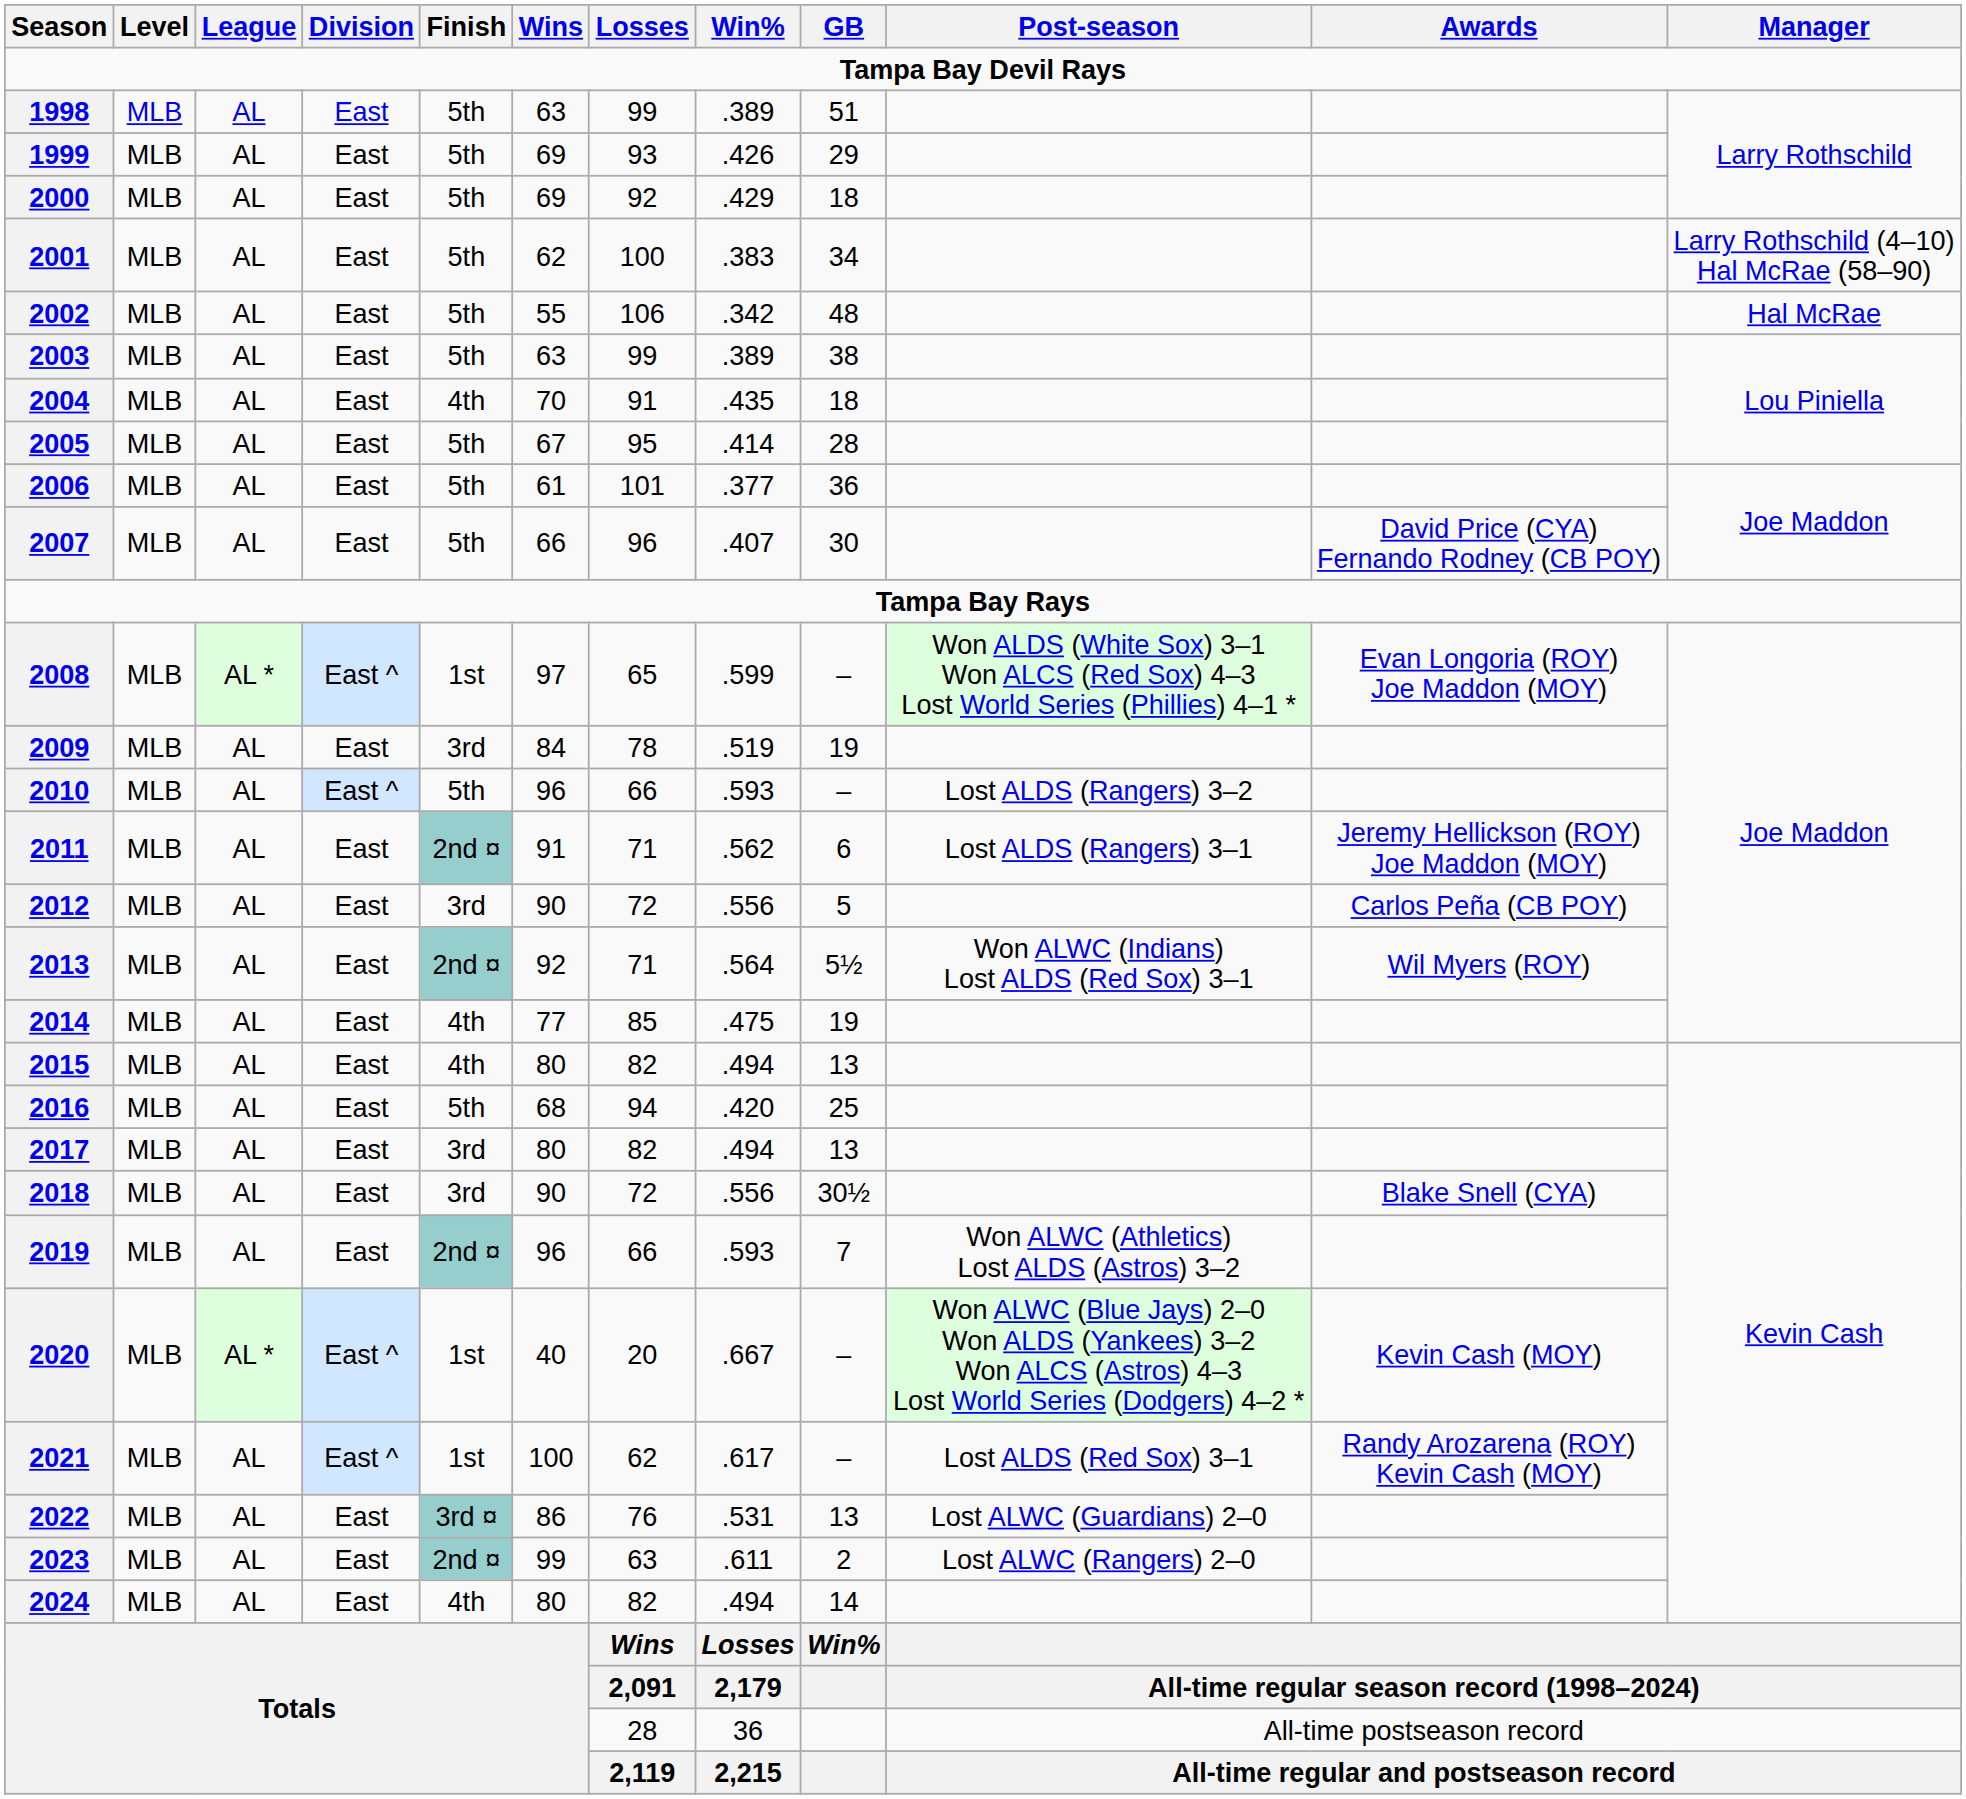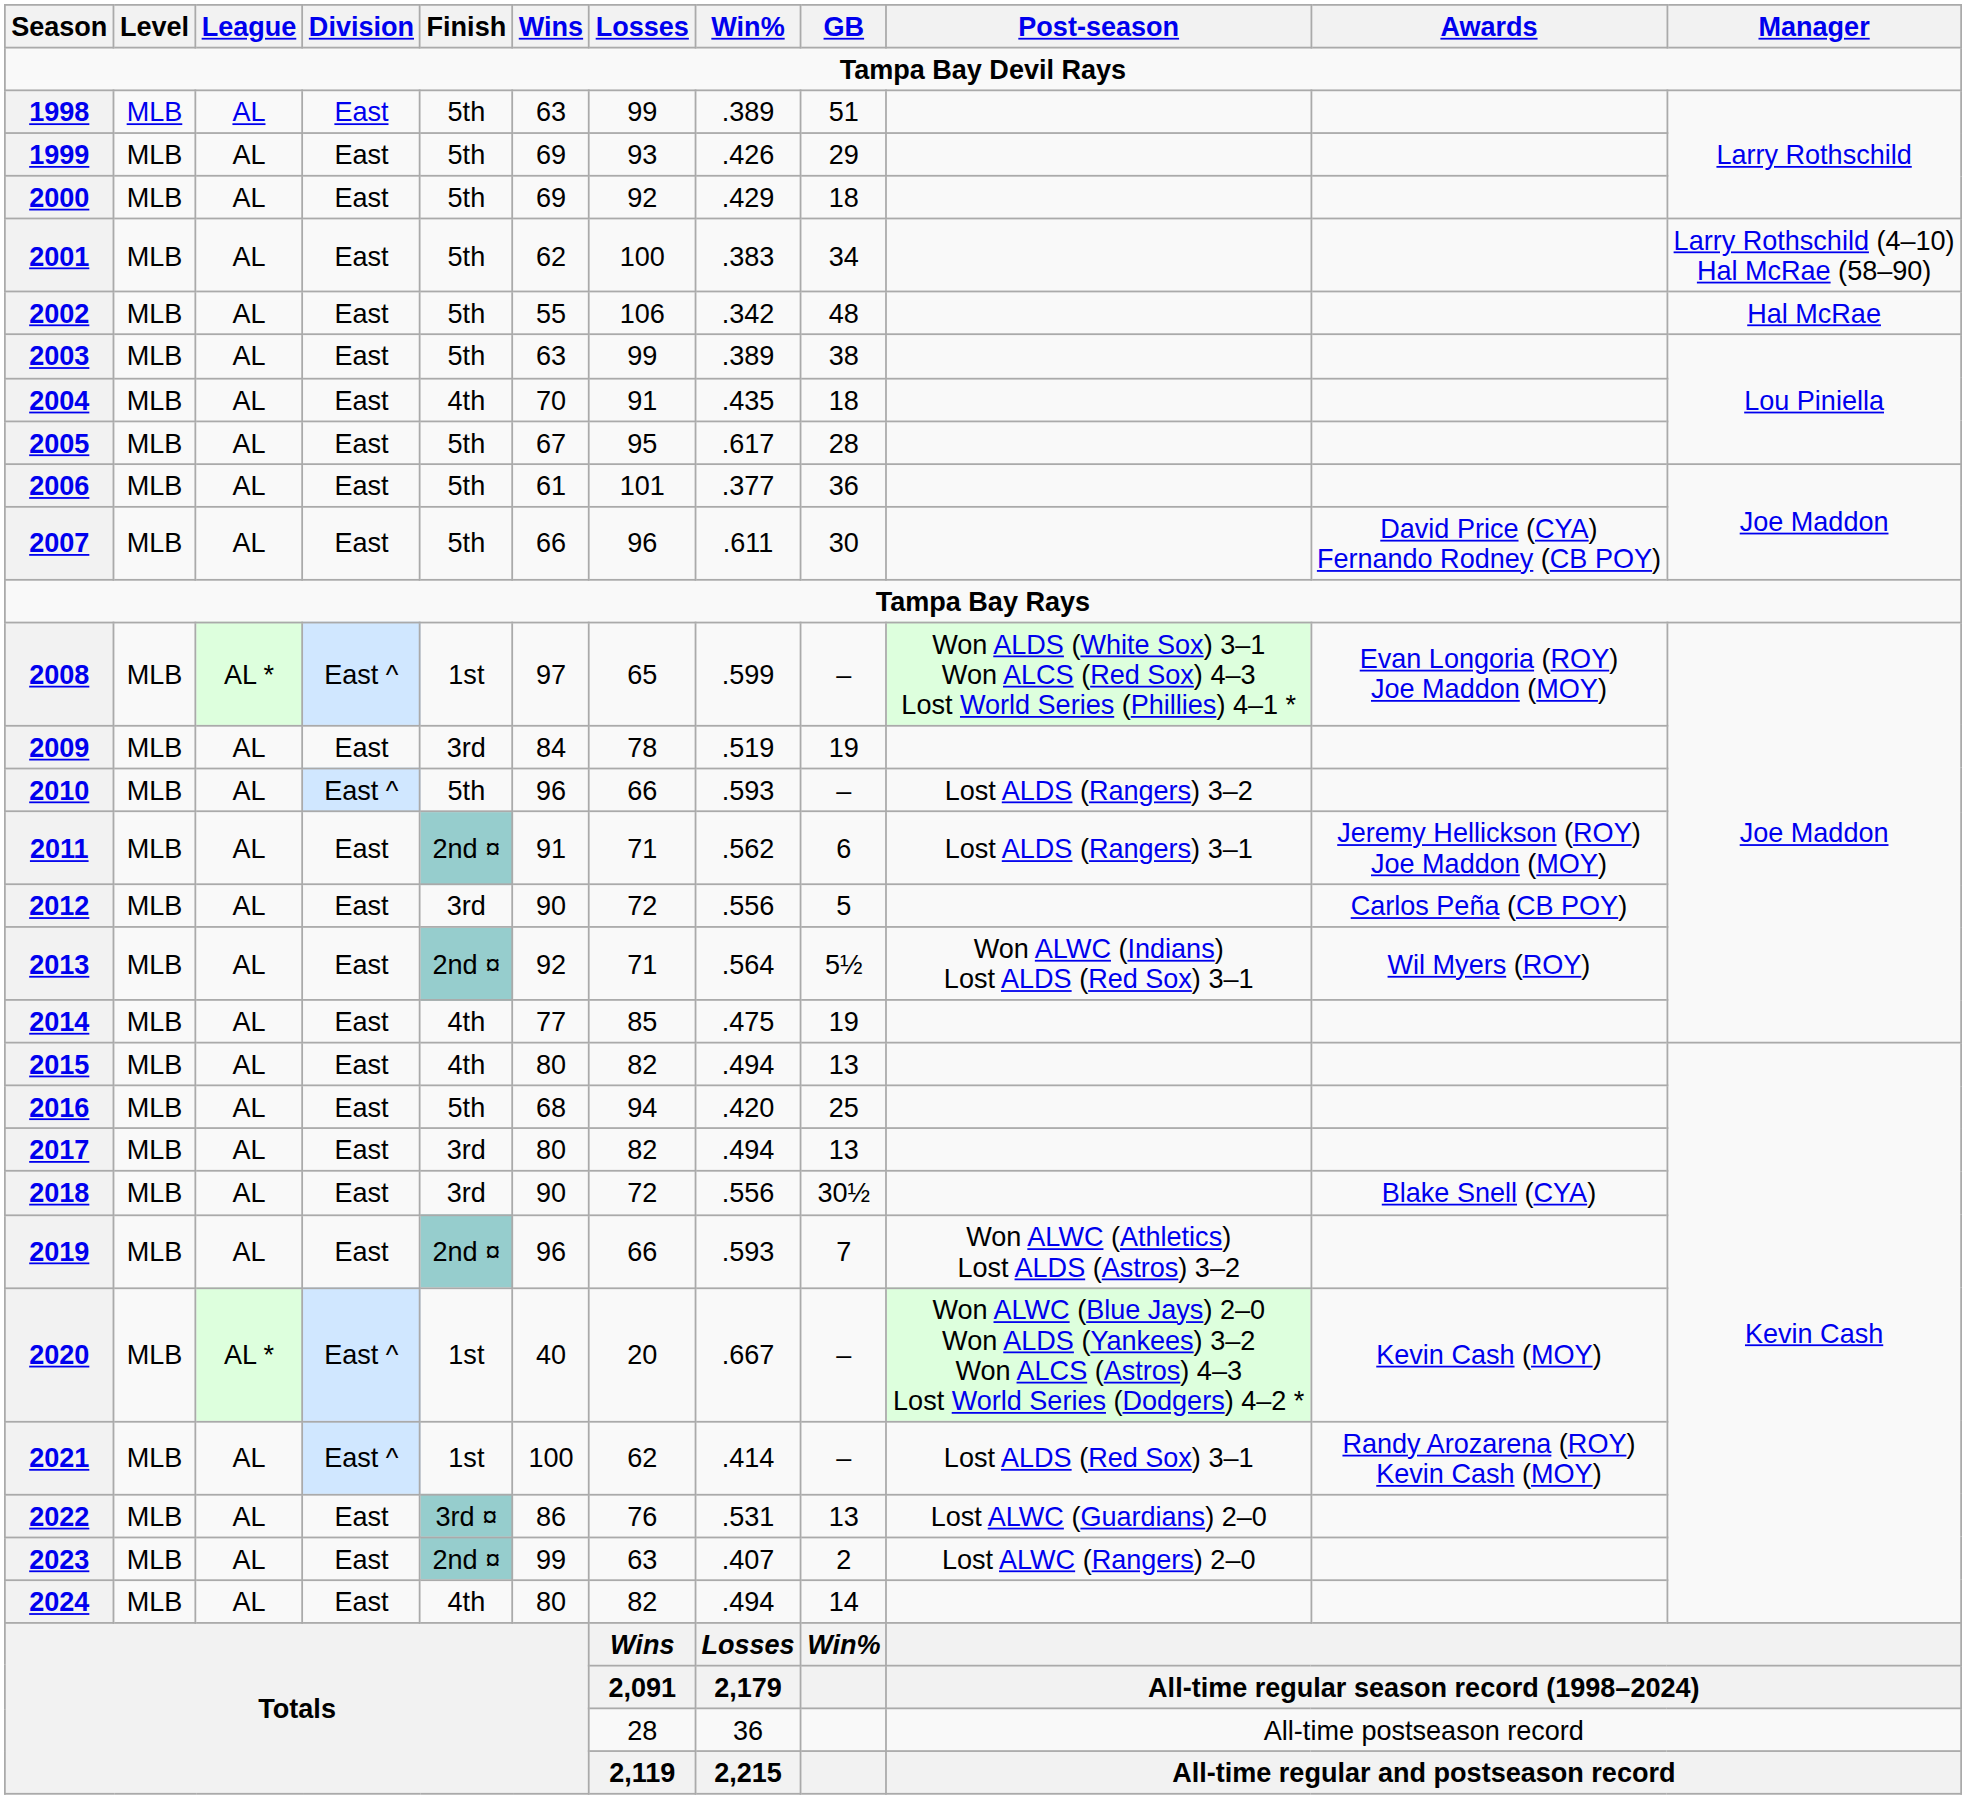 <table class="wikitable plainrowheaders" style="text-align:center; font-size:95%">
 <tr>
 <th scope="col">Season</th>
 <th scope="col">Level</th>
 <th scope="col"><a href='#'>League</a></th>
 <th scope="col"><a href='#'>Division</a></th>
 <th scope="col">Finish</th>
 <th scope="col"><a href='#'>Wins</a></th>
 <th scope="col"><a href='#'>Losses</a></th>
 <th scope="col"><a href='#'>Win%</a></th>
 <th scope="col"><a href='#'>GB</a></th>
 <th scope="col"><a href='#'>Post-season</a></th>
 <th scope="col"><a href='#'>Awards</a></th>
 <th scope="col"><a href='#'>Manager</a></th>
 </tr>
 <tr>
 <td colspan="12" align="center"><strong>Tampa Bay Devil Rays</strong></td>
 </tr>
 <tr>
 <th scope="row" style="text-align:center;"><a href='#'>1998</a></th>
 <td><a href='#'>MLB</a></td>
 <td><a href='#'>AL</a></td>
 <td><a href='#'>East</a></td>
 <td>5th</td>
 <td>63</td>
 <td>99</td>
 <td>.389</td>
 <td>51</td>
 <td></td>
 <td></td>
 <td rowspan="3"><a href='#'>Larry Rothschild</a></td>
 </tr>
 <tr>
 <th scope="row" style="text-align:center;"><a href='#'>1999</a></th>
 <td>MLB</td>
 <td>AL</td>
 <td>East</td>
 <td>5th</td>
 <td>69</td>
 <td>93</td>
 <td>.426</td>
 <td>29</td>
 <td></td>
 <td></td>
 </tr>
 <tr>
 <th scope="row" style="text-align:center;"><a href='#'>2000</a></th>
 <td>MLB</td>
 <td>AL</td>
 <td>East</td>
 <td>5th</td>
 <td>69</td>
 <td>92</td>
 <td>.429</td>
 <td>18</td>
 <td></td>
 <td></td>
 </tr>
 <tr>
 <th scope="row" style="text-align:center;"><a href='#'>2001</a></th>
 <td>MLB</td>
 <td>AL</td>
 <td>East</td>
 <td>5th</td>
 <td>62</td>
 <td>100</td>
 <td>.383</td>
 <td>34</td>
 <td></td>
 <td></td>
 <td rowspan="1"><a href='#'>Larry Rothschild</a> (4–10)<br><a href='#'>Hal McRae</a> (58–90)</td>
 </tr>
 <tr>
 <th scope="row" style="text-align:center;"><a href='#'>2002</a></th>
 <td>MLB</td>
 <td>AL</td>
 <td>East</td>
 <td>5th</td>
 <td>55</td>
 <td>106</td>
 <td>.342</td>
 <td>48</td>
 <td></td>
 <td></td>
 <td rowspan="1"><a href='#'>Hal McRae</a></td>
 </tr>
 <tr>
 <th scope="row" style="text-align:center;"><a href='#'>2003</a></th>
 <td>MLB</td>
 <td>AL</td>
 <td>East</td>
 <td>5th</td>
 <td>63</td>
 <td>99</td>
 <td>.389</td>
 <td>38</td>
 <td></td>
 <td></td>
 <td rowspan="3"><a href='#'>Lou Piniella</a></td>
 </tr>
 <tr>
 <th scope="row" style="text-align:center;"><a href='#'>2004</a></th>
 <td>MLB</td>
 <td>AL</td>
 <td>East</td>
 <td>4th</td>
 <td>70</td>
 <td>91</td>
 <td>.435</td>
 <td>18</td>
 <td></td>
 <td></td>
 </tr>
 <tr>
 <th scope="row" style="text-align:center;"><a href='#'>2005</a></th>
 <td>MLB</td>
 <td>AL</td>
 <td>East</td>
 <td>5th</td>
 <td>67</td>
 <td>95</td>
-<td>.414</td>
+<td>.617</td>
 <td>28</td>
 <td></td>
 <td></td>
 </tr>
 <tr>
 <th scope="row" style="text-align:center;"><a href='#'>2006</a></th>
 <td>MLB</td>
 <td>AL</td>
 <td>East</td>
 <td>5th</td>
 <td>61</td>
 <td>101</td>
 <td>.377</td>
 <td>36</td>
 <td></td>
 <td></td>
 <td rowspan="2"><a href='#'>Joe Maddon</a></td>
 </tr>
 <tr>
 <th scope="row" style="text-align:center;"><a href='#'>2007</a></th>
 <td>MLB</td>
 <td>AL</td>
 <td>East</td>
 <td>5th</td>
 <td>66</td>
 <td>96</td>
-<td>.407</td>
+<td>.611</td>
 <td>30</td>
 <td></td>
 <td><a href='#'>David Price</a> (<a href='#'>CYA</a>)<br><a href='#'>Fernando Rodney</a> (<a href='#'>CB POY</a>)</td>
 </tr>
 <tr>
 <td colspan="12" align="center"><strong>Tampa Bay Rays</strong></td>
 </tr>
 <tr>
 <th scope="row" style="text-align:center;"><a href='#'>2008</a></th>
 <td>MLB</td>
 <td bgcolor="#ddffdd">AL *</td>
 <td bgcolor="#D0E7FF">East ^</td>
 <td>1st</td>
 <td>97</td>
 <td>65</td>
 <td>.599</td>
 <td>–</td>
 <td bgcolor="#ddffdd">Won <a href='#'>ALDS</a> (<a href='#'>White Sox</a>) 3–1<br> Won <a href='#'>ALCS</a> (<a href='#'>Red Sox</a>) 4–3<br>Lost <a href='#'>World Series</a> (<a href='#'>Phillies</a>) 4–1 *</td>
 <td><a href='#'>Evan Longoria</a> (<a href='#'>ROY</a>)<br><a href='#'>Joe Maddon</a> (<a href='#'>MOY</a>)</td>
 <td rowspan="7"><a href='#'>Joe Maddon</a></td>
 </tr>
 <tr>
 <th scope="row" style="text-align:center;"><a href='#'>2009</a></th>
 <td>MLB</td>
 <td>AL</td>
 <td>East</td>
 <td>3rd</td>
 <td>84</td>
 <td>78</td>
 <td>.519</td>
 <td>19</td>
 <td></td>
 <td></td>
 </tr>
 <tr>
 <th scope="row" style="text-align:center;"><a href='#'>2010</a></th>
 <td>MLB</td>
 <td>AL</td>
 <td bgcolor="#D0E7FF">East ^</td>
 <td>5th</td>
 <td>96</td>
 <td>66</td>
 <td>.593</td>
 <td>–</td>
 <td>Lost <a href='#'>ALDS</a> (<a href='#'>Rangers</a>) 3–2</td>
 <td></td>
 </tr>
 <tr>
 <th scope="row" style="text-align:center;"><a href='#'>2011</a></th>
 <td>MLB</td>
 <td>AL</td>
 <td>East</td>
 <td bgcolor="#96CDCD">2nd ¤</td>
 <td>91</td>
 <td>71</td>
 <td>.562</td>
 <td>6</td>
 <td>Lost <a href='#'>ALDS</a> (<a href='#'>Rangers</a>) 3–1</td>
 <td><a href='#'>Jeremy Hellickson</a> (<a href='#'>ROY</a>)<br><a href='#'>Joe Maddon</a> (<a href='#'>MOY</a>)</td>
 </tr>
 <tr>
 <th scope="row" style="text-align:center;"><a href='#'>2012</a></th>
 <td>MLB</td>
 <td>AL</td>
 <td>East</td>
 <td>3rd</td>
 <td>90</td>
 <td>72</td>
 <td>.556</td>
 <td>5</td>
 <td></td>
 <td><a href='#'>Carlos Peña</a> (<a href='#'>CB POY</a>)</td>
 </tr>
 <tr>
 <th scope="row" style="text-align:center;"><a href='#'>2013</a></th>
 <td>MLB</td>
 <td>AL</td>
 <td>East</td>
 <td bgcolor="#96CDCD">2nd ¤</td>
 <td>92</td>
 <td>71</td>
 <td>.564</td>
 <td>5½</td>
 <td>Won <a href='#'>ALWC</a> (<a href='#'>Indians</a>)<br>Lost <a href='#'>ALDS</a> (<a href='#'>Red Sox</a>) 3–1</td>
 <td><a href='#'>Wil Myers</a> (<a href='#'>ROY</a>)</td>
 </tr>
 <tr>
 <th scope="row" style="text-align:center;"><a href='#'>2014</a></th>
 <td>MLB</td>
 <td>AL</td>
 <td>East</td>
 <td>4th</td>
 <td>77</td>
 <td>85</td>
 <td>.475</td>
 <td>19</td>
 <td></td>
 <td></td>
 </tr>
 <tr>
 <th scope="row" style="text-align:center;"><a href='#'>2015</a></th>
 <td>MLB</td>
 <td>AL</td>
 <td>East</td>
 <td>4th</td>
 <td>80</td>
 <td>82</td>
 <td>.494</td>
 <td>13</td>
 <td></td>
 <td></td>
 <td rowspan="10"><a href='#'>Kevin Cash</a></td>
 </tr>
 <tr>
 <th scope="row" style="text-align:center;"><a href='#'>2016</a></th>
 <td>MLB</td>
 <td>AL</td>
 <td>East</td>
 <td>5th</td>
 <td>68</td>
 <td>94</td>
 <td>.420</td>
 <td>25</td>
 <td></td>
 <td></td>
 </tr>
 <tr>
 <th scope="row" style="text-align:center;"><a href='#'>2017</a></th>
 <td>MLB</td>
 <td>AL</td>
 <td>East</td>
 <td>3rd</td>
 <td>80</td>
 <td>82</td>
 <td>.494</td>
 <td>13</td>
 <td></td>
 <td></td>
 </tr>
 <tr>
 <th scope="row" style="text-align:center;"><a href='#'>2018</a></th>
 <td>MLB</td>
 <td>AL</td>
 <td>East</td>
 <td>3rd</td>
 <td>90</td>
 <td>72</td>
 <td>.556</td>
 <td>30½</td>
 <td></td>
 <td><a href='#'>Blake Snell</a> (<a href='#'>CYA</a>)</td>
 </tr>
 <tr>
 <th scope="row" style="text-align:center;"><a href='#'>2019</a></th>
 <td>MLB</td>
 <td>AL</td>
 <td>East</td>
 <td bgcolor="#96CDCD">2nd ¤</td>
 <td>96</td>
 <td>66</td>
 <td>.593</td>
 <td>7</td>
 <td>Won <a href='#'>ALWC</a> (<a href='#'>Athletics</a>)<br>Lost <a href='#'>ALDS</a> (<a href='#'>Astros</a>) 3–2</td>
 <td></td>
 </tr>
 <tr>
 <th scope="row" style="text-align:center;"><a href='#'>2020</a></th>
 <td>MLB</td>
 <td bgcolor="#ddffdd">AL *</td>
 <td bgcolor="#D0E7FF">East ^</td>
 <td>1st</td>
 <td>40</td>
 <td>20</td>
 <td>.667</td>
 <td>–</td>
 <td bgcolor="#ddffdd">Won <a href='#'>ALWC</a> (<a href='#'>Blue Jays</a>) 2–0<br>Won <a href='#'>ALDS</a> (<a href='#'>Yankees</a>) 3–2<br> Won <a href='#'>ALCS</a> (<a href='#'>Astros</a>) 4–3<br> Lost <a href='#'>World Series</a> (<a href='#'>Dodgers</a>) 4–2 *</td>
 <td><a href='#'>Kevin Cash</a> (<a href='#'>MOY</a>)</td>
 </tr>
 <tr>
 <th scope="row" style="text-align:center;"><a href='#'>2021</a></th>
 <td>MLB</td>
 <td>AL</td>
 <td bgcolor="#D0E7FF">East ^</td>
 <td>1st</td>
 <td>100</td>
 <td>62</td>
-<td>.617</td>
+<td>.414</td>
 <td>–</td>
 <td>Lost <a href='#'>ALDS</a> (<a href='#'>Red Sox</a>) 3–1</td>
 <td><a href='#'>Randy Arozarena</a> (<a href='#'>ROY</a>)<br><a href='#'>Kevin Cash</a> (<a href='#'>MOY</a>)</td>
 </tr>
 <tr>
 <th scope="row" style="text-align:center;"><a href='#'>2022</a></th>
 <td>MLB</td>
 <td>AL</td>
 <td>East</td>
 <td bgcolor="#96CDCD">3rd ¤</td>
 <td>86</td>
 <td>76</td>
 <td>.531</td>
 <td>13</td>
 <td>Lost <a href='#'>ALWC</a> (<a href='#'>Guardians</a>) 2–0</td>
 <td></td>
 </tr>
 <tr>
 <th scope="row" style="text-align:center;"><a href='#'>2023</a></th>
 <td>MLB</td>
 <td>AL</td>
 <td>East</td>
 <td bgcolor="#96CDCD">2nd ¤</td>
 <td>99</td>
 <td>63</td>
-<td>.611</td>
+<td>.407</td>
 <td>2</td>
 <td>Lost <a href='#'>ALWC</a> (<a href='#'>Rangers</a>) 2–0</td>
 <td></td>
 </tr>
 <tr>
 <th scope="row" style="text-align:center;"><a href='#'>2024</a></th>
 <td>MLB</td>
 <td>AL</td>
 <td>East</td>
 <td>4th</td>
 <td>80</td>
 <td>82</td>
 <td>.494</td>
 <td>14</td>
 <td></td>
 <td></td>
 </tr>
 <tr>
 <th colspan=6 rowspan=4>Totals</th>
 <th><em>Wins</em></th>
 <th><em>Losses</em></th>
 <th><em>Win%</em></th>
 <th colspan=3></th>
 </tr>
 <tr>
 <th>2,091</th>
 <th>2,179</th>
 <th></th>
 <th colspan=3>All-time regular season record (1998–2024)</th>
 </tr>
 <tr>
 <td>28</td>
 <td>36</td>
 <td></td>
 <td colspan=3>All-time postseason record</td>
 </tr>
 <tr>
 <th>2,119</th>
 <th>2,215</th>
 <th></th>
 <th colspan=3>All-time regular and postseason record</th>
 </tr>
 </table>
